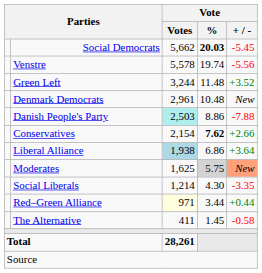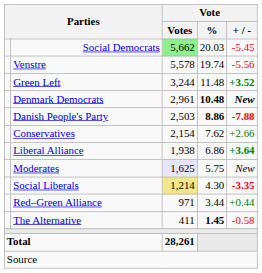 <table class="wikitable" style="text-align:right;">
 <tr>
 <th style="text-align:centre;" rowspan="2" colspan="2" width="225">Parties</th>
 <th colspan="3">Vote</th>
 </tr>
 <tr>
 <th width="15">Votes</th>
 <th width="15">%</th>
 <th width="15">+ / -</th>
 </tr>
 <tr>
 <td width=2 bgcolor=></td>
 <td><a href='#'>Social Democrats</a></td>
-<td>5,662</td>
-<td><strong>20.03</strong></td>
+<td style="background: lightgreen;">5,662</td>
+<td>20.03</td>
 <td style=color:red;>-5.45</td>
 </tr>
 <tr>
 <td width=2 bgcolor=></td>
 <td align=left><a href='#'>Venstre</a></td>
 <td>5,578</td>
 <td>19.74</td>
 <td style=color:red;>-5.56</td>
 </tr>
 <tr>
 <td width=2 bgcolor=></td>
 <td align=left><a href='#'>Green Left</a></td>
 <td>3,244</td>
 <td>11.48</td>
-<td style=color:green;>+3.52</td>
+<td style=color:green;><strong>+3.52</strong></td>
 </tr>
 <tr>
 <td width=2 bgcolor=></td>
 <td align=left><a href='#'>Denmark Democrats</a></td>
 <td>2,961</td>
-<td>10.48</td>
-<td><em>New</em></td>
+<td><strong>10.48</strong></td>
+<td><strong><em>New</em></strong></td>
 </tr>
 <tr>
 <td width=2 bgcolor=></td>
 <td align=left><a href='#'>Danish People's Party</a></td>
-<td style="background: paleturquoise;">2,503</td>
-<td>8.86</td>
-<td style=color:red;>-7.88</td>
+<td>2,503</td>
+<td><strong>8.86</strong></td>
+<td style=color:red;><strong>-7.88</strong></td>
 </tr>
 <tr>
 <td width=2 bgcolor=></td>
 <td align=left><a href='#'>Conservatives</a></td>
 <td>2,154</td>
-<td><strong>7.62</strong></td>
+<td>7.62</td>
 <td style=color:green;>+2.66</td>
 </tr>
 <tr>
 <td width=2 bgcolor=></td>
 <td align=left><a href='#'>Liberal Alliance</a></td>
-<td style="background: lightblue;">1,938</td>
+<td>1,938</td>
 <td>6.86</td>
-<td style=color:green;>+3.64</td>
+<td style=color:green;><strong>+3.64</strong></td>
 </tr>
 <tr>
 <td width=2 bgcolor=></td>
 <td align=left><a href='#'>Moderates</a></td>
-<td>1,625</td>
-<td style="background: lightgrey;">5.75</td>
-<td style="background: lightsalmon;"><em>New</em></td>
+<td style="background: lavender;">1,625</td>
+<td>5.75</td>
+<td><em>New</em></td>
 </tr>
 <tr>
 <td width=2 bgcolor=></td>
 <td align=left><a href='#'>Social Liberals</a></td>
-<td>1,214</td>
+<td style="background: khaki;">1,214</td>
 <td>4.30</td>
-<td style=color:red;>-3.35</td>
+<td style=color:red;><strong>-3.35</strong></td>
 </tr>
 <tr>
 <td width=2 bgcolor=></td>
 <td align=left><a href='#'>Red–Green Alliance</a></td>
-<td style="background: lightyellow;">971</td>
+<td>971</td>
 <td>3.44</td>
 <td style=color:green;>+0.44</td>
 </tr>
 <tr>
 <td width=2 bgcolor=></td>
 <td align=left><a href='#'>The Alternative</a></td>
 <td>411</td>
-<td>1.45</td>
+<td><strong>1.45</strong></td>
 <td style=color:red;>-0.58</td>
 </tr>
 <tr>
 <td colspan="7" bgcolor="#E9E9E9"></td>
 </tr>
 <tr>
 <td align="left" colspan="2"><strong>Total</strong></td>
 <td><strong>28,261</strong></td>
 <td bgcolor=#E9E9E9 colspan=2></td>
 </tr>
 <tr>
 <td align="left" colspan="6">Source</td>
 </tr>
 </table>
